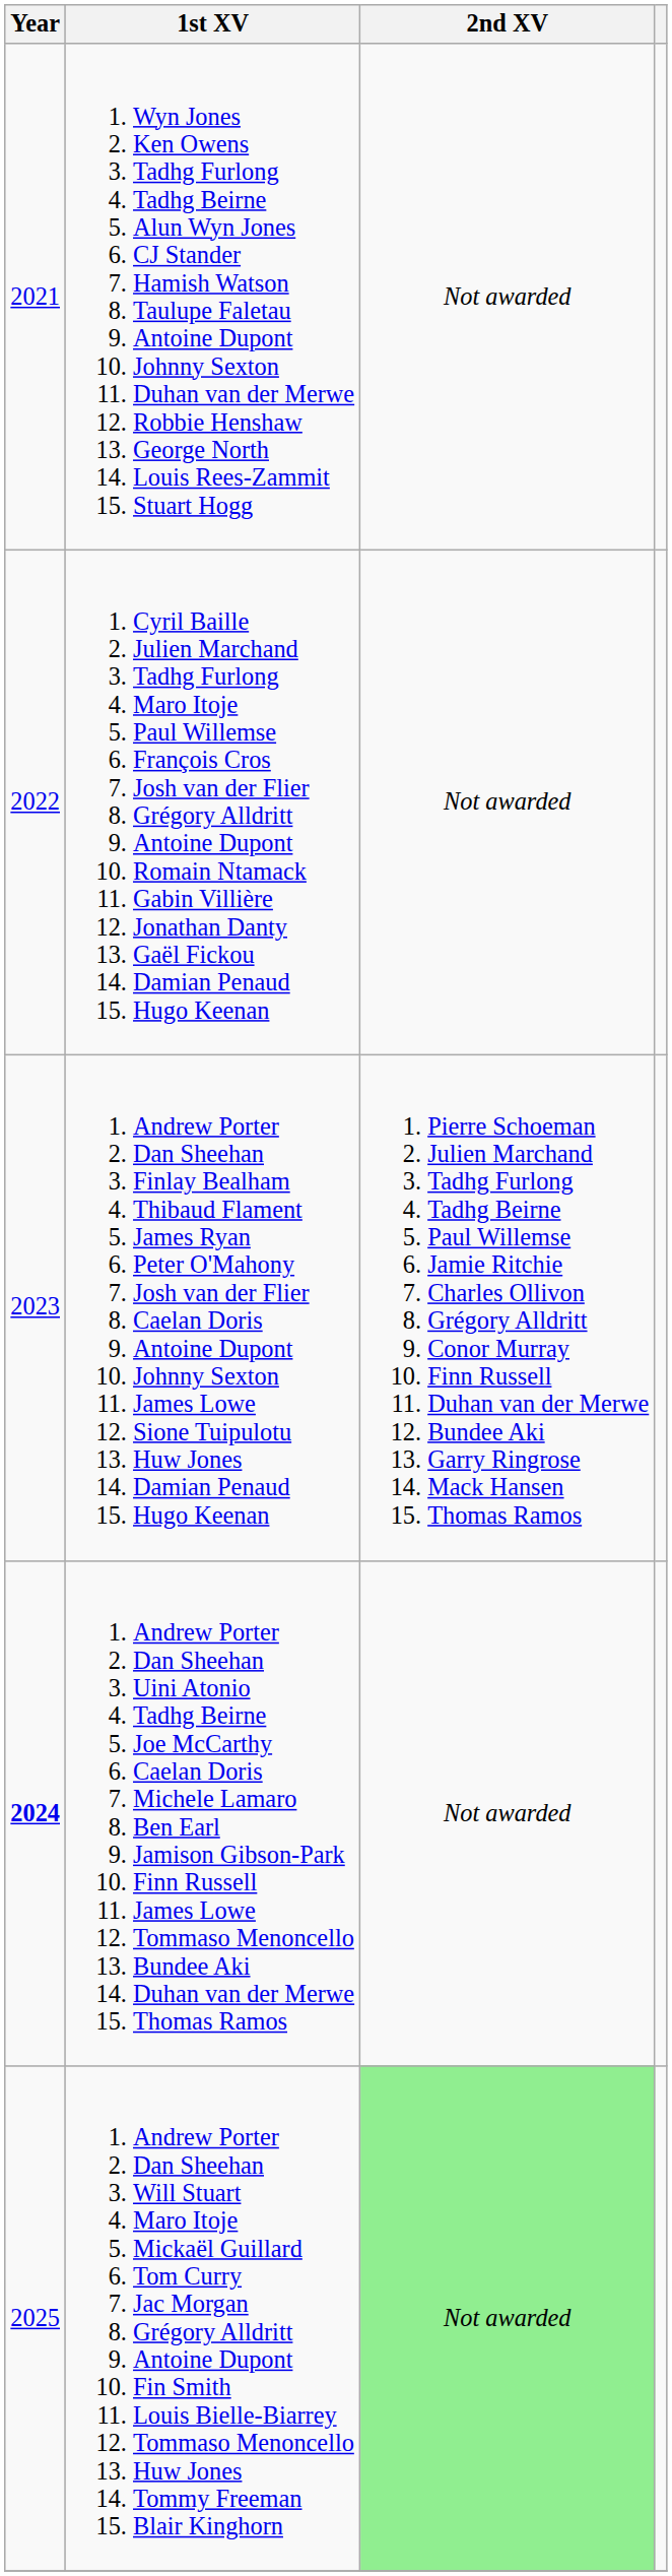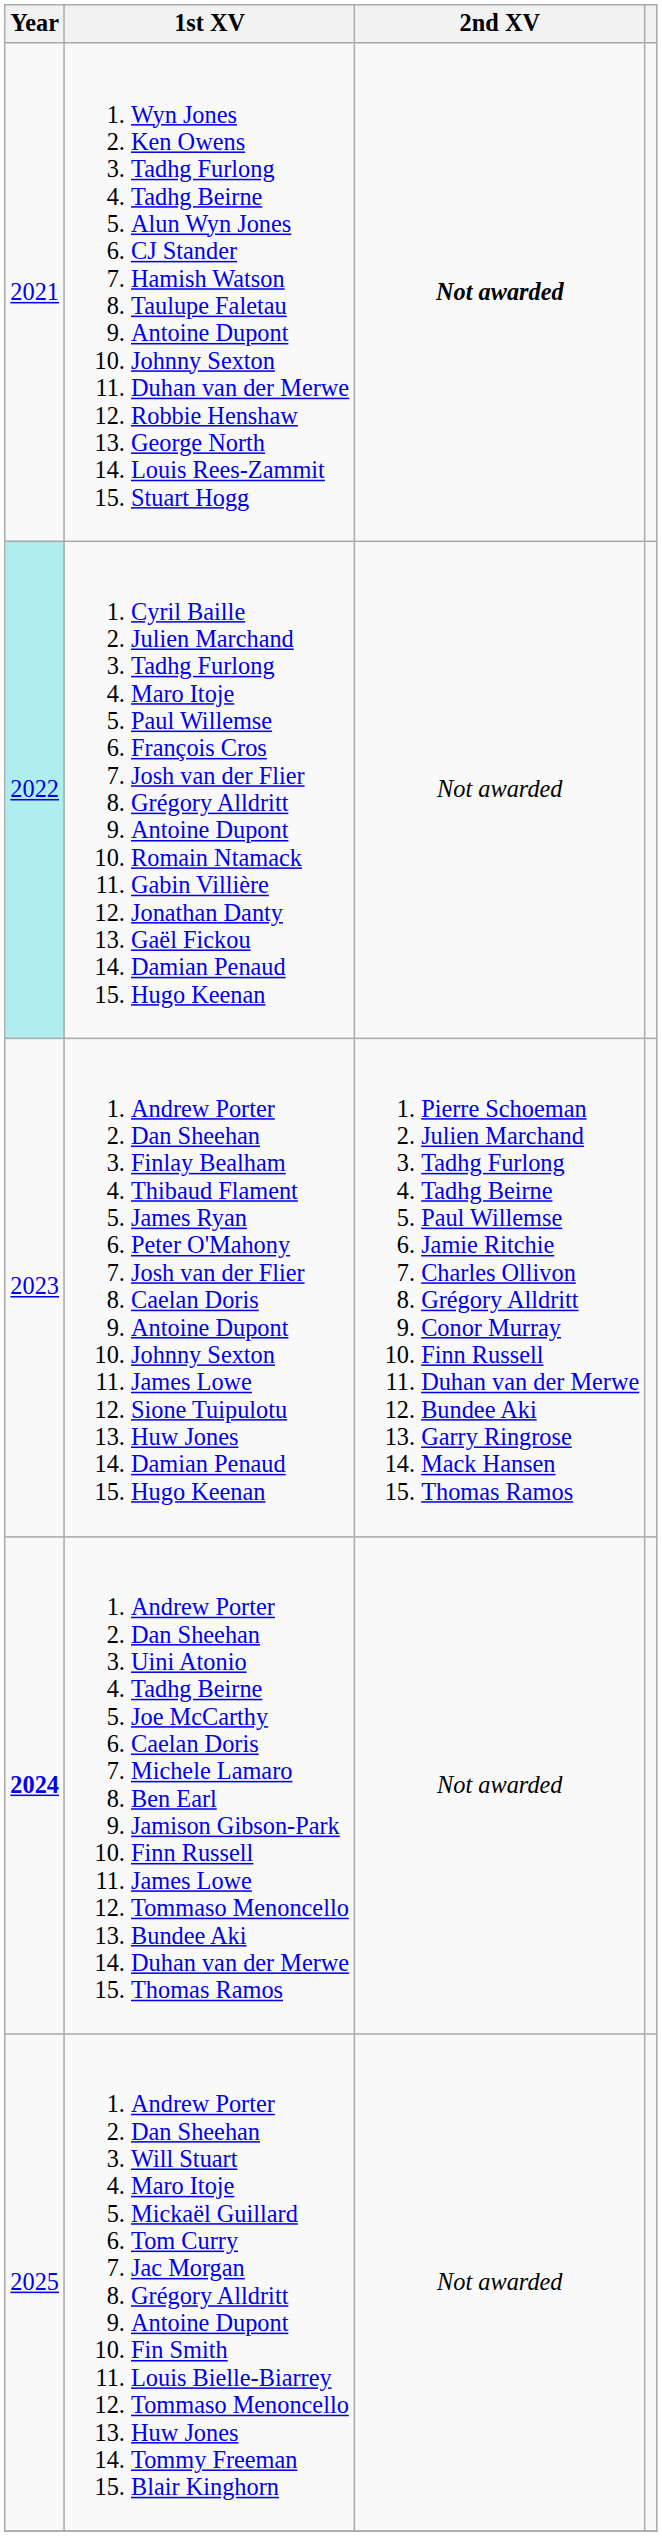 <table class="wikitable">
 <tr>
 <th scope=col>Year</th>
 <th scope=col>1st XV</th>
 <th scope=col>2nd XV</th>
 <th scope=col></th>
 </tr>
 <tr>
 <td align=center><a href='#'>2021</a></td>
 <td><br><ol><li>    <a href='#'>Wyn Jones</a></li><li>    <a href='#'>Ken Owens</a></li><li>  <a href='#'>Tadhg Furlong</a></li><li>  <a href='#'>Tadhg Beirne</a></li><li>    <a href='#'>Alun Wyn Jones</a></li><li>  <a href='#'>CJ Stander</a></li><li> <a href='#'>Hamish Watson</a></li><li>    <a href='#'>Taulupe Faletau</a></li><li>   <a href='#'>Antoine Dupont</a></li><li>  <a href='#'>Johnny Sexton</a></li><li> <a href='#'>Duhan van der Merwe</a></li><li>  <a href='#'>Robbie Henshaw</a></li><li>    <a href='#'>George North</a></li><li>    <a href='#'>Louis Rees-Zammit</a></li><li> <a href='#'>Stuart Hogg</a></li></ol></td>
-<td align=center><em>Not awarded</em></td>
+<td align=center><strong><em>Not awarded</em></strong></td>
 <td align=center></td>
 </tr>
 <tr>
-<td align=center><a href='#'>2022</a></td>
+<td align=center style="background: paleturquoise;"><a href='#'>2022</a></td>
 <td><br><ol><li>  <a href='#'>Cyril Baille</a></li><li>  <a href='#'>Julien Marchand</a></li><li> <a href='#'>Tadhg Furlong</a></li><li> <a href='#'>Maro Itoje</a></li><li>  <a href='#'>Paul Willemse</a></li><li>  <a href='#'>François Cros</a></li><li> <a href='#'>Josh van der Flier</a></li><li>  <a href='#'>Grégory Alldritt</a></li><li>  <a href='#'>Antoine Dupont</a></li><li>  <a href='#'>Romain Ntamack</a></li><li>  <a href='#'>Gabin Villière</a></li><li>  <a href='#'>Jonathan Danty</a></li><li>  <a href='#'>Gaël Fickou</a></li><li>  <a href='#'>Damian Penaud</a></li><li> <a href='#'>Hugo Keenan</a></li></ol></td>
 <td align=center><em>Not awarded</em></td>
 <td align=center></td>
 </tr>
 <tr>
 <td align=center><a href='#'>2023</a></td>
 <td><br><ol><li>  <a href='#'>Andrew Porter</a></li><li>  <a href='#'>Dan Sheehan</a></li><li>  <a href='#'>Finlay Bealham</a></li><li>   <a href='#'>Thibaud Flament</a></li><li>  <a href='#'>James Ryan</a></li><li>  <a href='#'>Peter O'Mahony</a></li><li>  <a href='#'>Josh van der Flier</a></li><li>  <a href='#'>Caelan Doris</a></li><li>   <a href='#'>Antoine Dupont</a></li><li>  <a href='#'>Johnny Sexton</a></li><li>  <a href='#'>James Lowe</a></li><li> <a href='#'>Sione Tuipulotu</a></li><li> <a href='#'>Huw Jones</a></li><li>   <a href='#'>Damian Penaud</a></li><li>  <a href='#'>Hugo Keenan</a></li></ol></td>
 <td><br><ol><li> <a href='#'>Pierre Schoeman</a></li><li>   <a href='#'>Julien Marchand</a></li><li>  <a href='#'>Tadhg Furlong</a></li><li>  <a href='#'>Tadhg Beirne</a></li><li>   <a href='#'>Paul Willemse</a></li><li> <a href='#'>Jamie Ritchie</a></li><li>   <a href='#'>Charles Ollivon</a></li><li>   <a href='#'>Grégory Alldritt</a></li><li>  <a href='#'>Conor Murray</a></li><li> <a href='#'>Finn Russell</a></li><li> <a href='#'>Duhan van der Merwe</a></li><li>  <a href='#'>Bundee Aki</a></li><li>  <a href='#'>Garry Ringrose</a></li><li>  <a href='#'>Mack Hansen</a></li><li>   <a href='#'>Thomas Ramos</a></li></ol></td>
 <td align=center><br></td>
 </tr>
 <tr>
 <td align=center><strong><a href='#'>2024</a></strong></td>
 <td><br><ol><li>  <a href='#'>Andrew Porter</a></li><li>  <a href='#'>Dan Sheehan</a></li><li>   <a href='#'>Uini Atonio</a></li><li>  <a href='#'>Tadhg Beirne</a></li><li>  <a href='#'>Joe McCarthy</a></li><li>  <a href='#'>Caelan Doris</a></li><li>    <a href='#'>Michele Lamaro</a></li><li>  <a href='#'>Ben Earl</a></li><li>  <a href='#'>Jamison Gibson-Park</a></li><li> <a href='#'>Finn Russell</a></li><li>  <a href='#'>James Lowe</a></li><li>    <a href='#'>Tommaso Menoncello</a></li><li>  <a href='#'>Bundee Aki</a></li><li> <a href='#'>Duhan van der Merwe</a></li><li>   <a href='#'>Thomas Ramos</a></li></ol></td>
 <td align=center><em>Not awarded</em></td>
 <td align=center></td>
 </tr>
 <tr>
 <td align=center><a href='#'>2025</a></td>
 <td><br><ol><li>  <a href='#'>Andrew Porter</a></li><li>  <a href='#'>Dan Sheehan</a></li><li>  <a href='#'>Will Stuart</a></li><li>  <a href='#'>Maro Itoje</a></li><li>   <a href='#'>Mickaël Guillard</a></li><li>  <a href='#'>Tom Curry</a></li><li>    <a href='#'>Jac Morgan</a></li><li>   <a href='#'>Grégory Alldritt</a></li><li>   <a href='#'>Antoine Dupont</a></li><li>  <a href='#'>Fin Smith</a></li><li>   <a href='#'>Louis Bielle-Biarrey</a></li><li>    <a href='#'>Tommaso Menoncello</a></li><li> <a href='#'>Huw Jones</a></li><li>  <a href='#'>Tommy Freeman</a></li><li> <a href='#'>Blair Kinghorn</a></li></ol></td>
-<td align=center style="background: lightgreen;"><em>Not awarded</em></td>
+<td align=center><em>Not awarded</em></td>
 <td align=center></td>
 </tr>
 <tr>
 </tr>
 </table>
